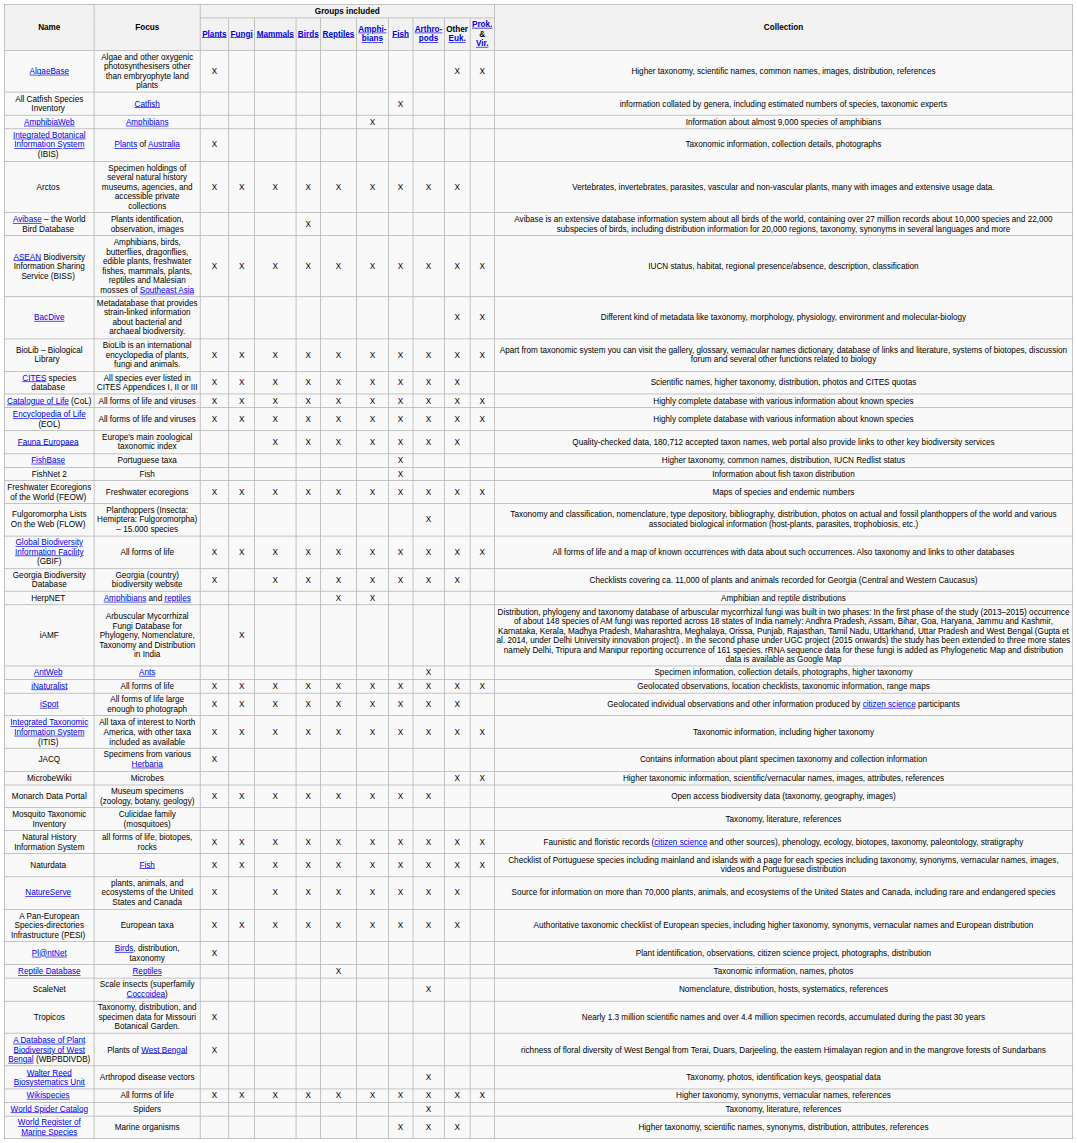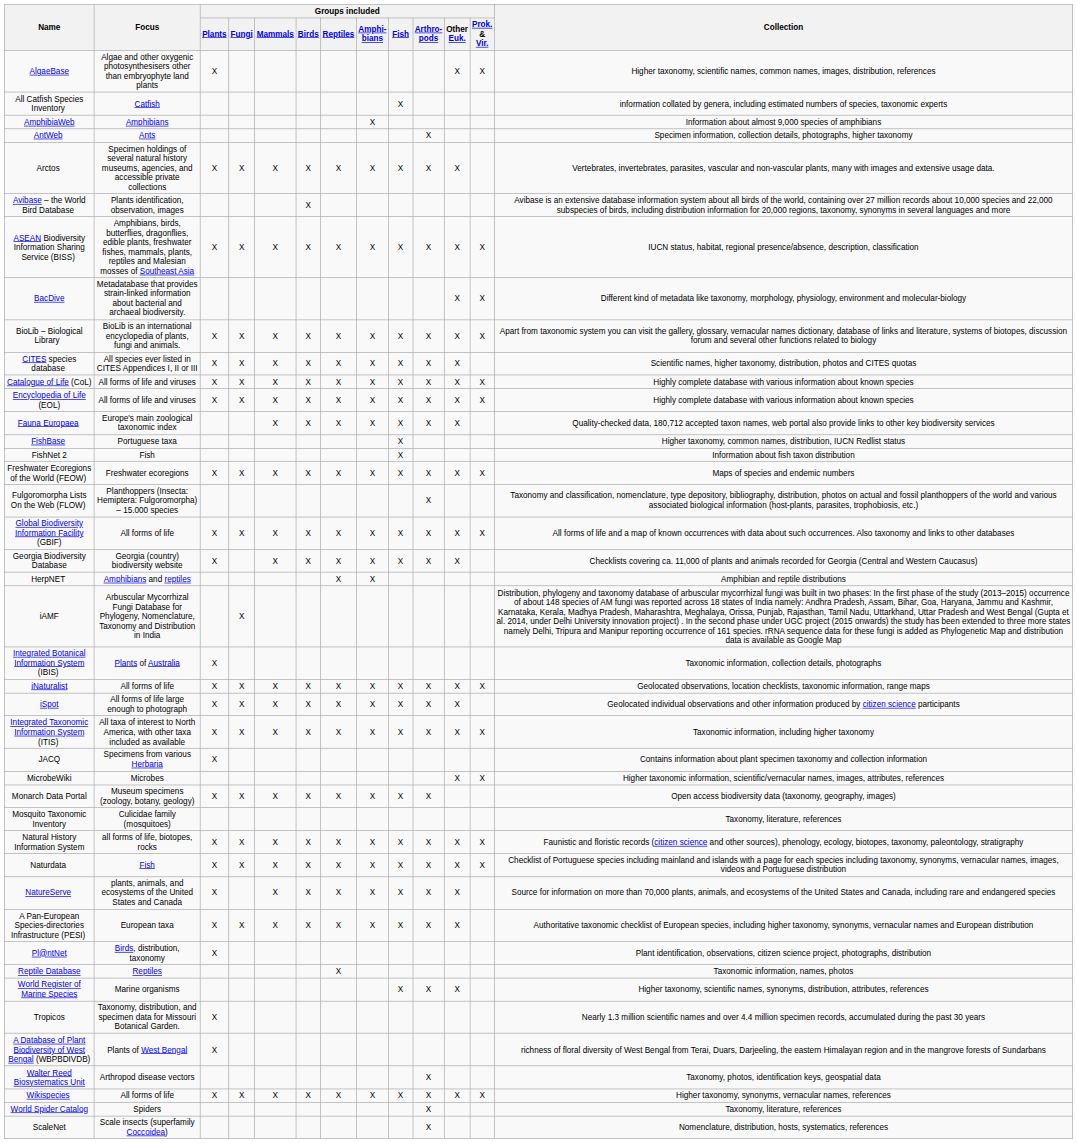 <table class="wikitable sortable" style="text-align:center;font-size: 9pt">
 <tr>
 <th rowspan = "2">Name</th>
 <th width="150" rowspan = "2">Focus</th>
 <th colspan="10">Groups included</th>
 <th rowspan = "2">Collection</th>
 </tr>
 <tr>
 <th width="30"><a href='#'>Plants</a></th>
 <th width="30"><a href='#'>Fungi</a></th>
 <th width="30"><a href='#'>Mammals</a></th>
 <th width="30"><a href='#'>Birds</a></th>
 <th width="30"><a href='#'>Reptiles</a></th>
 <th width="30"><a href='#'>Amphi-bians</a></th>
 <th width="30"><a href='#'>Fish</a></th>
 <th width="30"><a href='#'>Arthro­pods</a></th>
 <th width="30">Other <a href='#'>Euk.</a></th>
 <th width="30"><a href='#'>Prok.</a> & <a href='#'>Vir.</a></th>
 </tr>
 <tr>
 <td><a href='#'>AlgaeBase</a></td>
 <td>Algae and other oxygenic photosynthesisers other than embryophyte land plants</td>
 <td>X</td>
 <td></td>
 <td></td>
 <td></td>
 <td></td>
 <td></td>
 <td></td>
 <td></td>
 <td>X</td>
 <td>X</td>
 <td>Higher taxonomy, scientific names, common names, images, distribution, references</td>
 </tr>
 <tr>
 <td>All Catfish Species Inventory </td>
 <td><a href='#'>Catfish</a></td>
 <td></td>
 <td></td>
 <td></td>
 <td></td>
 <td></td>
 <td></td>
 <td>X</td>
 <td></td>
 <td></td>
 <td></td>
 <td>information collated by genera, including estimated numbers of species, taxonomic experts</td>
 </tr>
 <tr>
 <td><a href='#'>AmphibiaWeb</a></td>
 <td><a href='#'>Amphibians</a></td>
 <td></td>
 <td></td>
 <td></td>
 <td></td>
 <td></td>
 <td>X</td>
 <td></td>
 <td></td>
 <td></td>
 <td></td>
 <td>Information about almost 9,000 species of amphibians</td>
 </tr>
 <tr>
-<td><a href='#'>Integrated Botanical Information System</a> (IBIS) </td>
-<td><a href='#'>Plants</a> of <a href='#'>Australia</a></td>
-<td>X</td>
+<td><a href='#'>AntWeb</a> </td>
+<td><a href='#'>Ants</a></td>
 <td></td>
 <td></td>
 <td></td>
 <td></td>
 <td></td>
 <td></td>
 <td></td>
+<td>X</td>
 <td></td>
 <td></td>
-<td>Taxonomic information, collection details, photographs</td>
+<td>Specimen information, collection details, photographs, higher taxonomy</td>
 </tr>
 <tr>
 <td>Arctos </td>
 <td>Specimen holdings of several natural history museums, agencies, and accessible private collections</td>
 <td>X</td>
 <td>X</td>
 <td>X</td>
 <td>X</td>
 <td>X</td>
 <td>X</td>
 <td>X</td>
 <td>X</td>
 <td>X</td>
 <td></td>
 <td>Vertebrates, invertebrates, parasites, vascular and non-vascular plants, many with images and extensive usage data.</td>
 </tr>
 <tr>
 <td><a href='#'>Avibase</a> – the World Bird Database </td>
 <td>Plants identification, observation, images</td>
 <td></td>
 <td></td>
 <td></td>
 <td>X</td>
 <td></td>
 <td></td>
 <td></td>
 <td></td>
 <td></td>
 <td></td>
 <td>Avibase is an extensive database information system about all birds of the world, containing over 27 million records about 10,000 species and 22,000 subspecies of birds, including distribution information for 20,000 regions, taxonomy, synonyms in several languages and more</td>
 </tr>
 <tr>
 <td><a href='#'>ASEAN</a> Biodiversity Information Sharing Service (BISS) </td>
 <td>Amphibians, birds, butterflies, dragonflies, edible plants, freshwater fishes, mammals, plants, reptiles and Malesian mosses of <a href='#'>Southeast Asia</a></td>
 <td>X</td>
 <td>X</td>
 <td>X</td>
 <td>X</td>
 <td>X</td>
 <td>X</td>
 <td>X</td>
 <td>X</td>
 <td>X</td>
 <td>X</td>
 <td>IUCN status, habitat, regional presence/absence, description, classification</td>
 </tr>
 <tr>
 <td><a href='#'>BacDive</a></td>
 <td>Metadatabase that provides strain-linked information about bacterial and archaeal biodiversity.</td>
 <td></td>
 <td></td>
 <td></td>
 <td></td>
 <td></td>
 <td></td>
 <td></td>
 <td></td>
 <td>X</td>
 <td>X</td>
 <td>Different kind of metadata like taxonomy, morphology, physiology, environment and molecular-biology</td>
 </tr>
 <tr>
 <td>BioLib – Biological Library  </td>
 <td>BioLib is an international encyclopedia of plants, fungi and animals.</td>
 <td>X</td>
 <td>X</td>
 <td>X</td>
 <td>X</td>
 <td>X</td>
 <td>X</td>
 <td>X</td>
 <td>X</td>
 <td>X</td>
 <td>X</td>
 <td>Apart from taxonomic system you can visit the gallery, glossary, vernacular names dictionary, database of links and literature, systems of biotopes, discussion forum and several other functions related to biology</td>
 </tr>
 <tr>
 <td><a href='#'>CITES</a> species database </td>
 <td>All species ever listed in CITES Appendices I, II or III</td>
 <td>X</td>
 <td>X</td>
 <td>X</td>
 <td>X</td>
 <td>X</td>
 <td>X</td>
 <td>X</td>
 <td>X</td>
 <td>X</td>
 <td></td>
 <td>Scientific names, higher taxonomy, distribution, photos and CITES quotas</td>
 </tr>
 <tr>
 <td><a href='#'>Catalogue of Life</a> (CoL)</td>
 <td>All forms of life and viruses</td>
 <td>X</td>
 <td>X</td>
 <td>X</td>
 <td>X</td>
 <td>X</td>
 <td>X</td>
 <td>X</td>
 <td>X</td>
 <td>X</td>
 <td>X</td>
 <td>Highly complete database with various information about known species</td>
 </tr>
 <tr>
 <td><a href='#'>Encyclopedia of Life</a> (EOL)</td>
 <td>All forms of life and viruses</td>
 <td>X</td>
 <td>X</td>
 <td>X</td>
 <td>X</td>
 <td>X</td>
 <td>X</td>
 <td>X</td>
 <td>X</td>
 <td>X</td>
 <td>X</td>
 <td>Highly complete database with various information about known species</td>
 </tr>
 <tr>
 <td><a href='#'>Fauna Europaea</a> </td>
 <td>Europe's main zoological taxonomic index</td>
 <td></td>
 <td></td>
 <td>X</td>
 <td>X</td>
 <td>X</td>
 <td>X</td>
 <td>X</td>
 <td>X</td>
 <td>X</td>
 <td></td>
 <td>Quality-checked data, 180,712 accepted taxon names, web portal also provide links to other key biodiversity services</td>
 </tr>
 <tr>
 <td><a href='#'>FishBase</a> </td>
 <td>Portuguese taxa</td>
 <td></td>
 <td></td>
 <td></td>
 <td></td>
 <td></td>
 <td></td>
 <td>X</td>
 <td></td>
 <td></td>
 <td></td>
 <td>Higher taxonomy, common names, distribution, IUCN Redlist status</td>
 </tr>
 <tr>
 <td>FishNet 2</td>
 <td>Fish</td>
 <td></td>
 <td></td>
 <td></td>
 <td></td>
 <td></td>
 <td></td>
 <td>X</td>
 <td></td>
 <td></td>
 <td></td>
 <td>Information about fish taxon distribution</td>
 </tr>
 <tr>
 <td>Freshwater Ecoregions of the World (FEOW) </td>
 <td>Freshwater ecoregions</td>
 <td>X</td>
 <td>X</td>
 <td>X</td>
 <td>X</td>
 <td>X</td>
 <td>X</td>
 <td>X</td>
 <td>X</td>
 <td>X</td>
 <td>X</td>
 <td>Maps of species and endemic numbers</td>
 </tr>
 <tr>
 <td>Fulgoromorpha Lists On the Web (FLOW) </td>
 <td>Planthoppers (Insecta: Hemiptera: Fulgoromorpha) – 15.000 species</td>
 <td></td>
 <td></td>
 <td></td>
 <td></td>
 <td></td>
 <td></td>
 <td></td>
 <td>X</td>
 <td></td>
 <td></td>
 <td>Taxonomy and classification, nomenclature, type depository, bibliography, distribution, photos on actual and fossil planthoppers of the world and various associated biological information (host-plants, parasites, trophobiosis, etc.)</td>
 </tr>
 <tr>
 <td><a href='#'>Global Biodiversity Information Facility</a> (GBIF)</td>
 <td>All forms of life</td>
 <td>X</td>
 <td>X</td>
 <td>X</td>
 <td>X</td>
 <td>X</td>
 <td>X</td>
 <td>X</td>
 <td>X</td>
 <td>X</td>
 <td>X</td>
 <td>All forms of life and a map of known occurrences with data about such occurrences. Also taxonomy and links to other databases</td>
 </tr>
 <tr>
 <td>Georgia Biodiversity Database</td>
 <td>Georgia (country) biodiversity website</td>
 <td>X</td>
 <td></td>
 <td>X</td>
 <td>X</td>
 <td>X</td>
 <td>X</td>
 <td>X</td>
 <td>X</td>
 <td>X</td>
 <td></td>
 <td>Checklists covering ca. 11,000 of plants and animals recorded for Georgia (Central and Western Caucasus)</td>
 </tr>
 <tr>
 <td>HerpNET </td>
 <td><a href='#'>Amphibians</a> and <a href='#'>reptiles</a></td>
 <td></td>
 <td></td>
 <td></td>
 <td></td>
 <td>X</td>
 <td>X</td>
 <td></td>
 <td></td>
 <td></td>
 <td></td>
 <td>Amphibian and reptile distributions</td>
 </tr>
 <tr>
 <td>iAMF</td>
 <td>Arbuscular Mycorrhizal Fungi Database for Phylogeny, Nomenclature, Taxonomy and Distribution in India</td>
 <td></td>
 <td>X</td>
 <td></td>
 <td></td>
 <td></td>
 <td></td>
 <td></td>
 <td></td>
 <td></td>
 <td></td>
 <td>Distribution, phylogeny and taxonomy database of arbuscular mycorrhizal fungi was built in two phases: In the first phase of the study (2013–2015) occurrence of about 148 species of AM fungi was reported across 18 states of India namely: Andhra Pradesh, Assam, Bihar, Goa, Haryana, Jammu and Kashmir, Karnataka, Kerala, Madhya Pradesh, Maharashtra, Meghalaya, Orissa, Punjab, Rajasthan, Tamil Nadu, Uttarkhand, Uttar Pradesh and West Bengal (Gupta et al. 2014, under Delhi University innovation project) . In the second phase under UGC project (2015 onwards) the study has been extended to three more states namely Delhi, Tripura and Manipur reporting occurrence of 161 species. rRNA sequence data for these fungi is added as Phylogenetic Map and distribution data is available as Google Map</td>
 </tr>
 <tr>
-<td><a href='#'>AntWeb</a> </td>
-<td><a href='#'>Ants</a></td>
+<td><a href='#'>Integrated Botanical Information System</a> (IBIS) </td>
+<td><a href='#'>Plants</a> of <a href='#'>Australia</a></td>
+<td>X</td>
 <td></td>
 <td></td>
 <td></td>
 <td></td>
 <td></td>
 <td></td>
 <td></td>
-<td>X</td>
 <td></td>
 <td></td>
-<td>Specimen information, collection details, photographs, higher taxonomy</td>
+<td>Taxonomic information, collection details, photographs</td>
 </tr>
 <tr>
 <td><a href='#'>iNaturalist</a></td>
 <td>All forms of life</td>
 <td>X</td>
 <td>X</td>
 <td>X</td>
 <td>X</td>
 <td>X</td>
 <td>X</td>
 <td>X</td>
 <td>X</td>
 <td>X</td>
 <td>X</td>
 <td>Geolocated observations, location checklists, taxonomic information, range maps</td>
 </tr>
 <tr>
 <td><a href='#'>iSpot</a></td>
 <td>All forms of life large enough to photograph</td>
 <td>X</td>
 <td>X</td>
 <td>X</td>
 <td>X</td>
 <td>X</td>
 <td>X</td>
 <td>X</td>
 <td>X</td>
 <td>X</td>
 <td></td>
 <td>Geolocated individual observations and other information produced by <a href='#'>citizen science</a> participants</td>
 </tr>
 <tr>
 <td><a href='#'>Integrated Taxonomic Information System</a> (ITIS) </td>
 <td>All taxa of interest to North America, with other taxa included as available</td>
 <td>X</td>
 <td>X</td>
 <td>X</td>
 <td>X</td>
 <td>X</td>
 <td>X</td>
 <td>X</td>
 <td>X</td>
 <td>X</td>
 <td>X</td>
 <td>Taxonomic information, including higher taxonomy</td>
 </tr>
 <tr>
 <td>JACQ</td>
 <td>Specimens from various <a href='#'>Herbaria</a></td>
 <td>X</td>
 <td></td>
 <td></td>
 <td></td>
 <td></td>
 <td></td>
 <td></td>
 <td></td>
 <td></td>
 <td></td>
 <td>Contains information about plant specimen taxonomy and collection information</td>
 </tr>
 <tr>
 <td>MicrobeWiki</td>
 <td>Microbes</td>
 <td></td>
 <td></td>
 <td></td>
 <td></td>
 <td></td>
 <td></td>
 <td></td>
 <td></td>
 <td>X</td>
 <td>X</td>
 <td>Higher taxonomic information, scientific/vernacular names, images, attributes, references</td>
 </tr>
 <tr>
 <td>Monarch Data Portal</td>
 <td>Museum specimens (zoology, botany, geology)</td>
 <td>X</td>
 <td>X</td>
 <td>X</td>
 <td>X</td>
 <td>X</td>
 <td>X</td>
 <td>X</td>
 <td>X</td>
 <td></td>
 <td></td>
 <td>Open access biodiversity data (taxonomy, geography, images)</td>
 </tr>
 <tr>
 <td>Mosquito Taxonomic Inventory</td>
 <td>Culicidae family (mosquitoes)</td>
 <td></td>
 <td></td>
 <td></td>
 <td></td>
 <td></td>
 <td></td>
 <td></td>
 <td></td>
 <td></td>
 <td></td>
 <td>Taxonomy, literature, references</td>
 </tr>
 <tr>
 <td>Natural History Information System</td>
 <td>all forms of life, biotopes, rocks</td>
 <td>X</td>
 <td>X</td>
 <td>X</td>
 <td>X</td>
 <td>X</td>
 <td>X</td>
 <td>X</td>
 <td>X</td>
 <td>X</td>
 <td>X</td>
 <td>Faunistic and floristic records (<a href='#'>citizen science</a> and other sources), phenology, ecology, biotopes, taxonomy, paleontology, stratigraphy</td>
 </tr>
 <tr>
 <td>Naturdata </td>
 <td><a href='#'>Fish</a></td>
 <td>X</td>
 <td>X</td>
 <td>X</td>
 <td>X</td>
 <td>X</td>
 <td>X</td>
 <td>X</td>
 <td>X</td>
 <td>X</td>
 <td>X</td>
 <td>Checklist of Portuguese species including mainland and islands with a page for each species including taxonomy, synonyms, vernacular names, images, videos and Portuguese distribution</td>
 </tr>
 <tr>
 <td><a href='#'>NatureServe</a> </td>
 <td>plants, animals, and ecosystems of the United States and Canada</td>
 <td>X</td>
 <td></td>
 <td>X</td>
 <td>X</td>
 <td>X</td>
 <td>X</td>
 <td>X</td>
 <td>X</td>
 <td>X</td>
 <td></td>
 <td>Source for information on more than 70,000 plants, animals, and ecosystems of the United States and Canada, including rare and endangered species</td>
 </tr>
 <tr>
 <td>A Pan-European Species-directories Infrastructure (PESI) </td>
 <td>European taxa</td>
 <td>X</td>
 <td>X</td>
 <td>X</td>
 <td>X</td>
 <td>X</td>
 <td>X</td>
 <td>X</td>
 <td>X</td>
 <td>X</td>
 <td></td>
 <td>Authoritative taxonomic checklist of European species, including higher taxonomy, synonyms, vernacular names and European distribution</td>
 </tr>
 <tr>
 <td><a href='#'>Pl@ntNet</a></td>
 <td><a href='#'>Birds</a>, distribution, taxonomy</td>
 <td>X</td>
 <td></td>
 <td></td>
 <td></td>
 <td></td>
 <td></td>
 <td></td>
 <td></td>
 <td></td>
 <td></td>
 <td>Plant identification, observations, citizen science project, photographs, distribution</td>
 </tr>
 <tr>
 <td><a href='#'>Reptile Database</a></td>
 <td><a href='#'>Reptiles</a></td>
 <td></td>
 <td></td>
 <td></td>
 <td></td>
 <td>X</td>
 <td></td>
 <td></td>
 <td></td>
 <td></td>
 <td></td>
 <td>Taxonomic information, names, photos</td>
 </tr>
 <tr>
-<td>ScaleNet</td>
-<td>Scale insects (superfamily <a href='#'>Coccoidea</a>)</td>
-<td></td>
+<td><a href='#'>World Register of Marine Species</a></td>
+<td>Marine organisms</td>
 <td></td>
 <td></td>
 <td></td>
 <td></td>
 <td></td>
 <td></td>
 <td>X</td>
+<td>X</td>
+<td>X</td>
 <td></td>
-<td></td>
-<td>Nomenclature, distribution, hosts, systematics, references</td>
+<td>Higher taxonomy, scientific names, synonyms, distribution, attributes, references</td>
 </tr>
 <tr>
 <td>Tropicos</td>
 <td>Taxonomy, distribution, and specimen data for Missouri Botanical Garden.</td>
 <td>X</td>
 <td></td>
 <td></td>
 <td></td>
 <td></td>
 <td></td>
 <td></td>
 <td></td>
 <td></td>
 <td></td>
 <td>Nearly 1.3 million scientific names and over 4.4 million specimen records, accumulated during the past 30 years</td>
 </tr>
 <tr>
 <td><a href='#'>A Database of Plant Biodiversity of West Bengal</a> (WBPBDIVDB)</td>
 <td>Plants of <a href='#'>West Bengal</a></td>
 <td>X</td>
 <td></td>
 <td></td>
 <td></td>
 <td></td>
 <td></td>
 <td></td>
 <td></td>
 <td></td>
 <td></td>
 <td>richness of floral diversity of West Bengal from  Terai, Duars, Darjeeling, the eastern Himalayan region and in the mangrove forests of Sundarbans</td>
 </tr>
 <tr>
 <td><a href='#'>Walter Reed Biosystematics Unit</a></td>
 <td>Arthropod disease vectors</td>
 <td></td>
 <td></td>
 <td></td>
 <td></td>
 <td></td>
 <td></td>
 <td></td>
 <td>X</td>
 <td></td>
 <td></td>
 <td>Taxonomy, photos, identification keys, geospatial data</td>
 </tr>
 <tr>
 <td><a href='#'>Wikispecies</a> </td>
 <td>All forms of life</td>
 <td>X</td>
 <td>X</td>
 <td>X</td>
 <td>X</td>
 <td>X</td>
 <td>X</td>
 <td>X</td>
 <td>X</td>
 <td>X</td>
 <td>X</td>
 <td>Higher taxonomy, synonyms, vernacular names, references</td>
 </tr>
 <tr>
 <td><a href='#'>World Spider Catalog</a></td>
 <td>Spiders</td>
 <td></td>
 <td></td>
 <td></td>
 <td></td>
 <td></td>
 <td></td>
 <td></td>
 <td>X</td>
 <td></td>
 <td></td>
 <td>Taxonomy, literature, references</td>
 </tr>
 <tr>
-<td><a href='#'>World Register of Marine Species</a></td>
-<td>Marine organisms</td>
+<td>ScaleNet</td>
+<td>Scale insects (superfamily <a href='#'>Coccoidea</a>)</td>
+<td></td>
 <td></td>
 <td></td>
 <td></td>
 <td></td>
 <td></td>
 <td></td>
 <td>X</td>
-<td>X</td>
-<td>X</td>
 <td></td>
-<td>Higher taxonomy, scientific names, synonyms, distribution, attributes, references</td>
+<td></td>
+<td>Nomenclature, distribution, hosts, systematics, references</td>
 </tr>
 </table>
